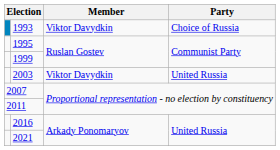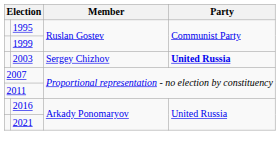 <table class="wikitable">
 <tr>
 <th colspan="2">Election</th>
 <th>Member</th>
 <th>Party</th>
-</tr>
-<tr>
-<td style="background-color:#0085BE"></td>
-<td><a href='#'>1993</a></td>
-<td><a href='#'>Viktor Davydkin</a></td>
-<td><a href='#'>Choice of Russia</a></td>
 </tr>
 <tr>
 <td style="background-color:"></td>
 <td><a href='#'>1995</a></td>
 <td rowspan=2><a href='#'>Ruslan Gostev</a></td>
 <td rowspan=2><a href='#'>Communist Party</a></td>
 </tr>
 <tr>
 <td style="background-color:"></td>
 <td><a href='#'>1999</a></td>
 </tr>
 <tr>
 <td style="background-color:"></td>
 <td><a href='#'>2003</a></td>
-<td><a href='#'>Viktor Davydkin</a></td>
-<td><a href='#'>United Russia</a></td>
+<td><a href='#'>Sergey Chizhov</a></td>
+<td><strong><a href='#'>United Russia</a></strong></td>
 </tr>
 <tr>
 <td colspan=2><a href='#'>2007</a></td>
 <td colspan=2 rowspan=2><em><a href='#'>Proportional representation</a> - no election by constituency</em></td>
 </tr>
 <tr>
 <td colspan=2><a href='#'>2011</a></td>
 </tr>
 <tr>
 <td style="background-color:"></td>
 <td><a href='#'>2016</a></td>
 <td rowspan=2><a href='#'>Arkady Ponomaryov</a></td>
 <td rowspan=2><a href='#'>United Russia</a></td>
 </tr>
 <tr>
 <td style="background-color:"></td>
 <td><a href='#'>2021</a></td>
 </tr>
 </table>
